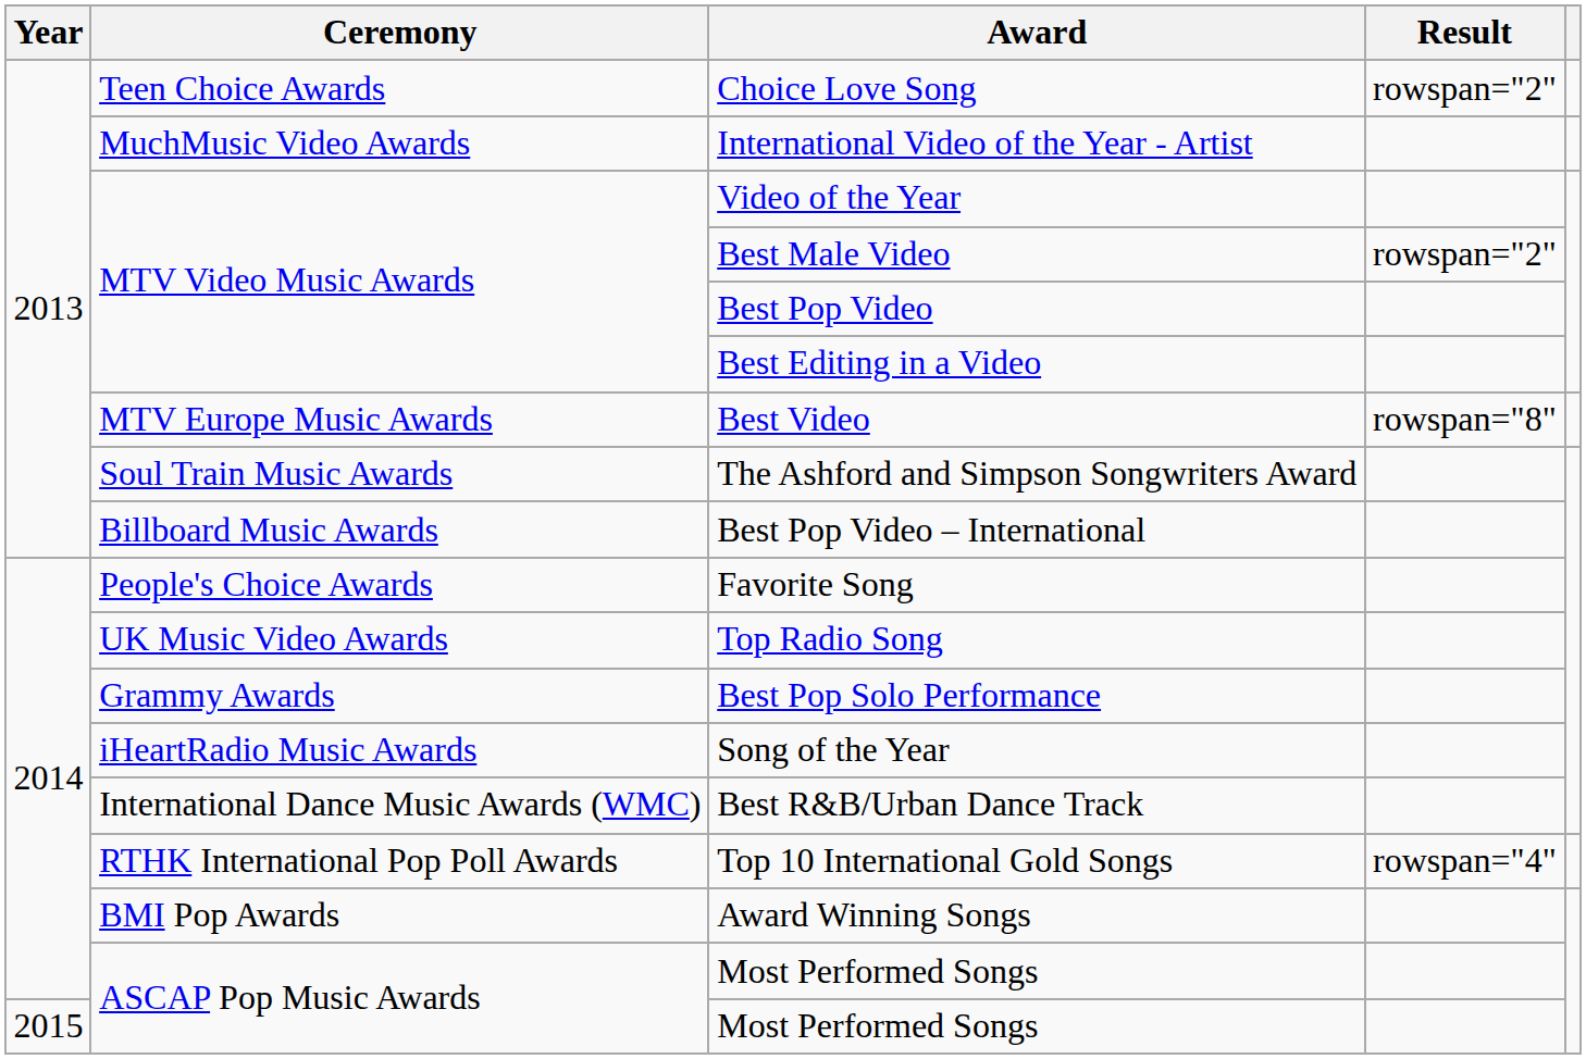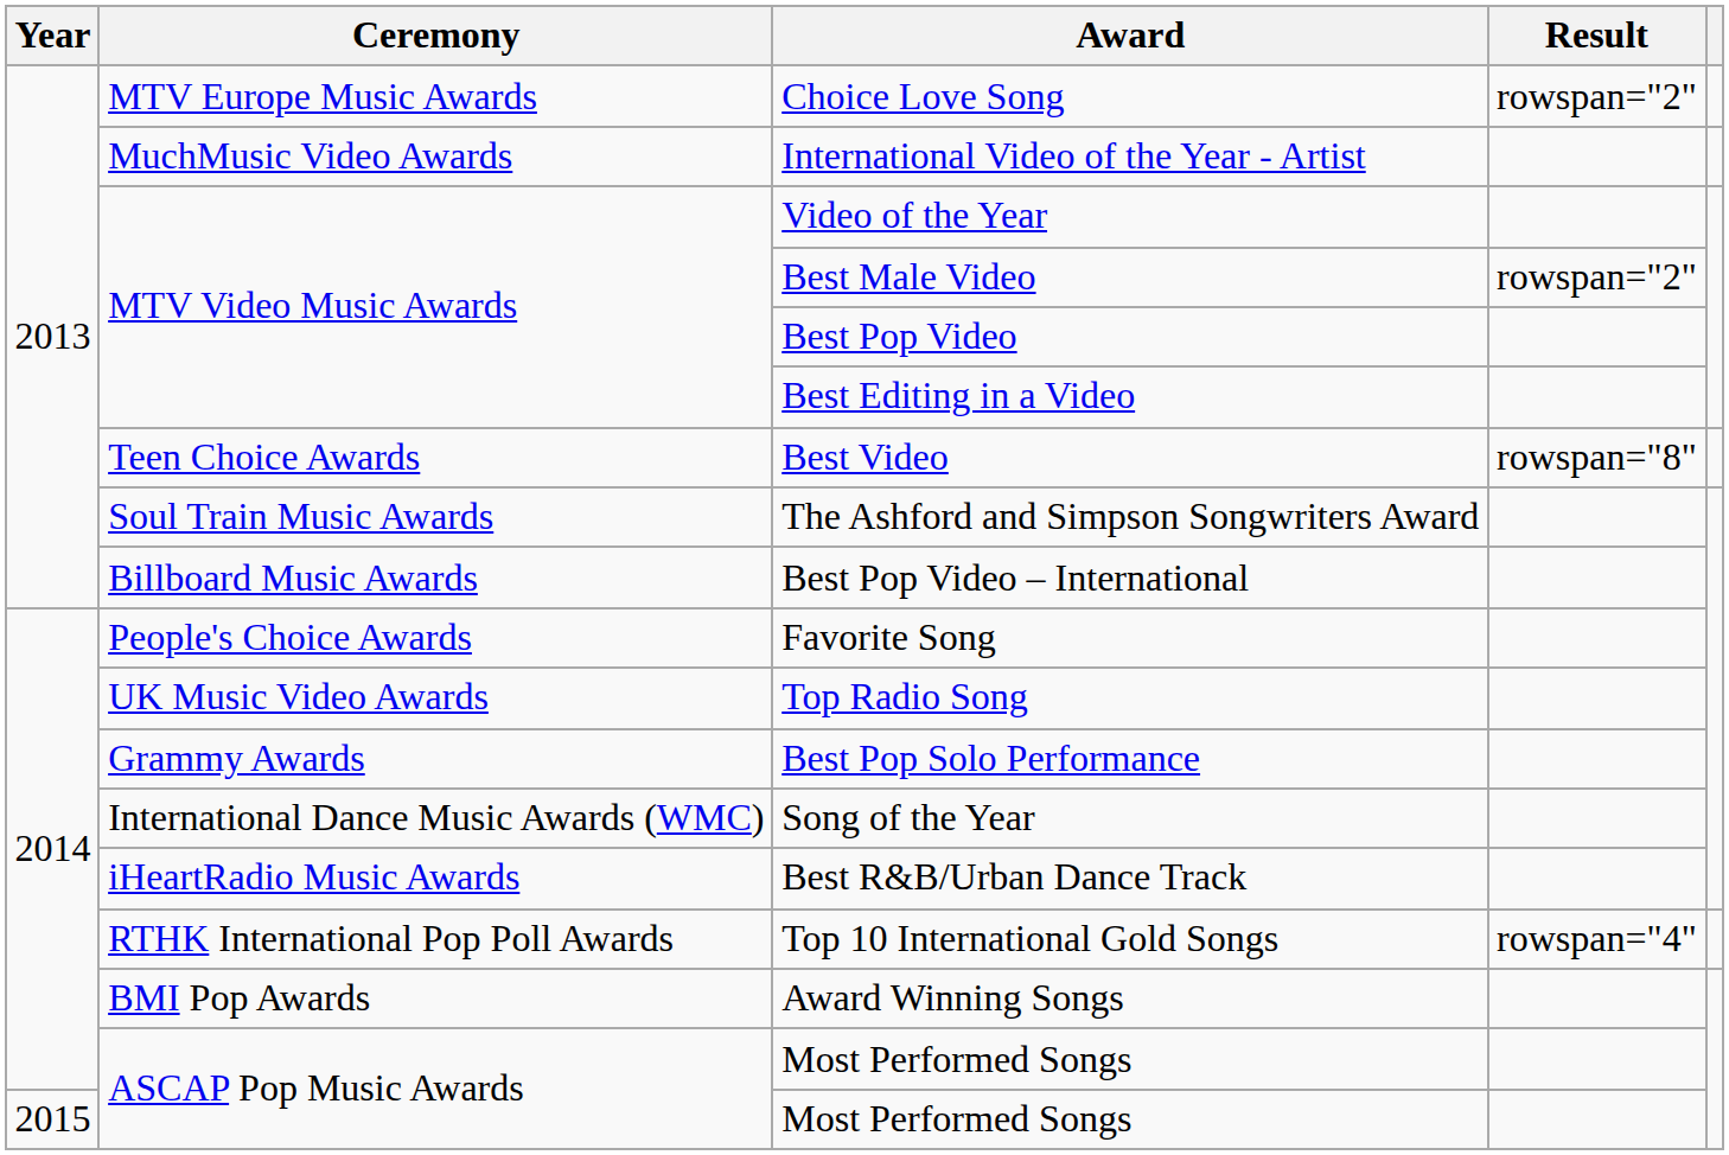 <table class="wikitable">
 <tr>
 <th>Year</th>
 <th>Ceremony</th>
 <th>Award</th>
 <th>Result</th>
 <th></th>
 </tr>
 <tr>
 <td rowspan="9">2013</td>
-<td><a href='#'>Teen Choice Awards</a></td>
+<td><a href='#'>MTV Europe Music Awards</a></td>
 <td><a href='#'>Choice Love Song</a></td>
 <td>rowspan="2" </td>
 <td style="text-align:center;"></td>
 </tr>
 <tr>
 <td><a href='#'>MuchMusic Video Awards</a></td>
 <td><a href='#'>International Video of the Year - Artist</a></td>
 <td style="text-align:center;"></td>
 </tr>
 <tr>
 <td rowspan="4"><a href='#'>MTV Video Music Awards</a></td>
 <td><a href='#'>Video of the Year</a></td>
 <td></td>
 <td style="text-align:center;" rowspan="4"><br></td>
 </tr>
 <tr>
 <td><a href='#'>Best Male Video</a></td>
 <td>rowspan="2" </td>
 </tr>
 <tr>
 <td><a href='#'>Best Pop Video</a></td>
 </tr>
 <tr>
 <td><a href='#'>Best Editing in a Video</a></td>
 <td></td>
 </tr>
 <tr>
-<td><a href='#'>MTV Europe Music Awards</a></td>
+<td><a href='#'>Teen Choice Awards</a></td>
 <td><a href='#'>Best Video</a></td>
 <td>rowspan="8" </td>
 <td style="text-align:center;"></td>
 </tr>
 <tr>
 <td><a href='#'>Soul Train Music Awards</a></td>
 <td>The Ashford and Simpson Songwriters Award</td>
 <td style="text-align:center;"></td>
 </tr>
 <tr>
 <td><a href='#'>Billboard Music Awards</a></td>
 <td>Best Pop Video – International</td>
 <td style="text-align:center;"></td>
 </tr>
 <tr>
 <td rowspan="8">2014</td>
 <td><a href='#'>People's Choice Awards</a></td>
 <td>Favorite Song</td>
 <td style="text-align:center;"></td>
 </tr>
 <tr>
 <td><a href='#'>UK Music Video Awards</a></td>
 <td><a href='#'>Top Radio Song</a></td>
 <td style="text-align:center;"></td>
 </tr>
 <tr>
 <td><a href='#'>Grammy Awards</a></td>
 <td><a href='#'>Best Pop Solo Performance</a></td>
 <td style="text-align:center;"></td>
 </tr>
 <tr>
-<td><a href='#'>iHeartRadio Music Awards</a></td>
+<td>International Dance Music Awards (<a href='#'>WMC</a>)</td>
 <td>Song of the Year</td>
 <td style="text-align:center;"></td>
 </tr>
 <tr>
-<td>International Dance Music Awards (<a href='#'>WMC</a>)</td>
+<td><a href='#'>iHeartRadio Music Awards</a></td>
 <td>Best R&B/Urban Dance Track</td>
 <td style="text-align:center;"></td>
 </tr>
 <tr>
 <td><a href='#'>RTHK</a> International Pop Poll Awards</td>
 <td>Top 10 International Gold Songs</td>
 <td>rowspan="4" </td>
 <td style="text-align:center;"></td>
 </tr>
 <tr>
 <td><a href='#'>BMI</a> Pop Awards</td>
 <td>Award Winning Songs</td>
 <td style="text-align:center;"></td>
 </tr>
 <tr>
 <td rowspan=2><a href='#'>ASCAP</a> Pop Music Awards</td>
 <td>Most Performed Songs</td>
 <td style="text-align:center;"></td>
 </tr>
 <tr>
 <td>2015</td>
 <td>Most Performed Songs</td>
 <td style="text-align:center;"></td>
 </tr>
 </table>
